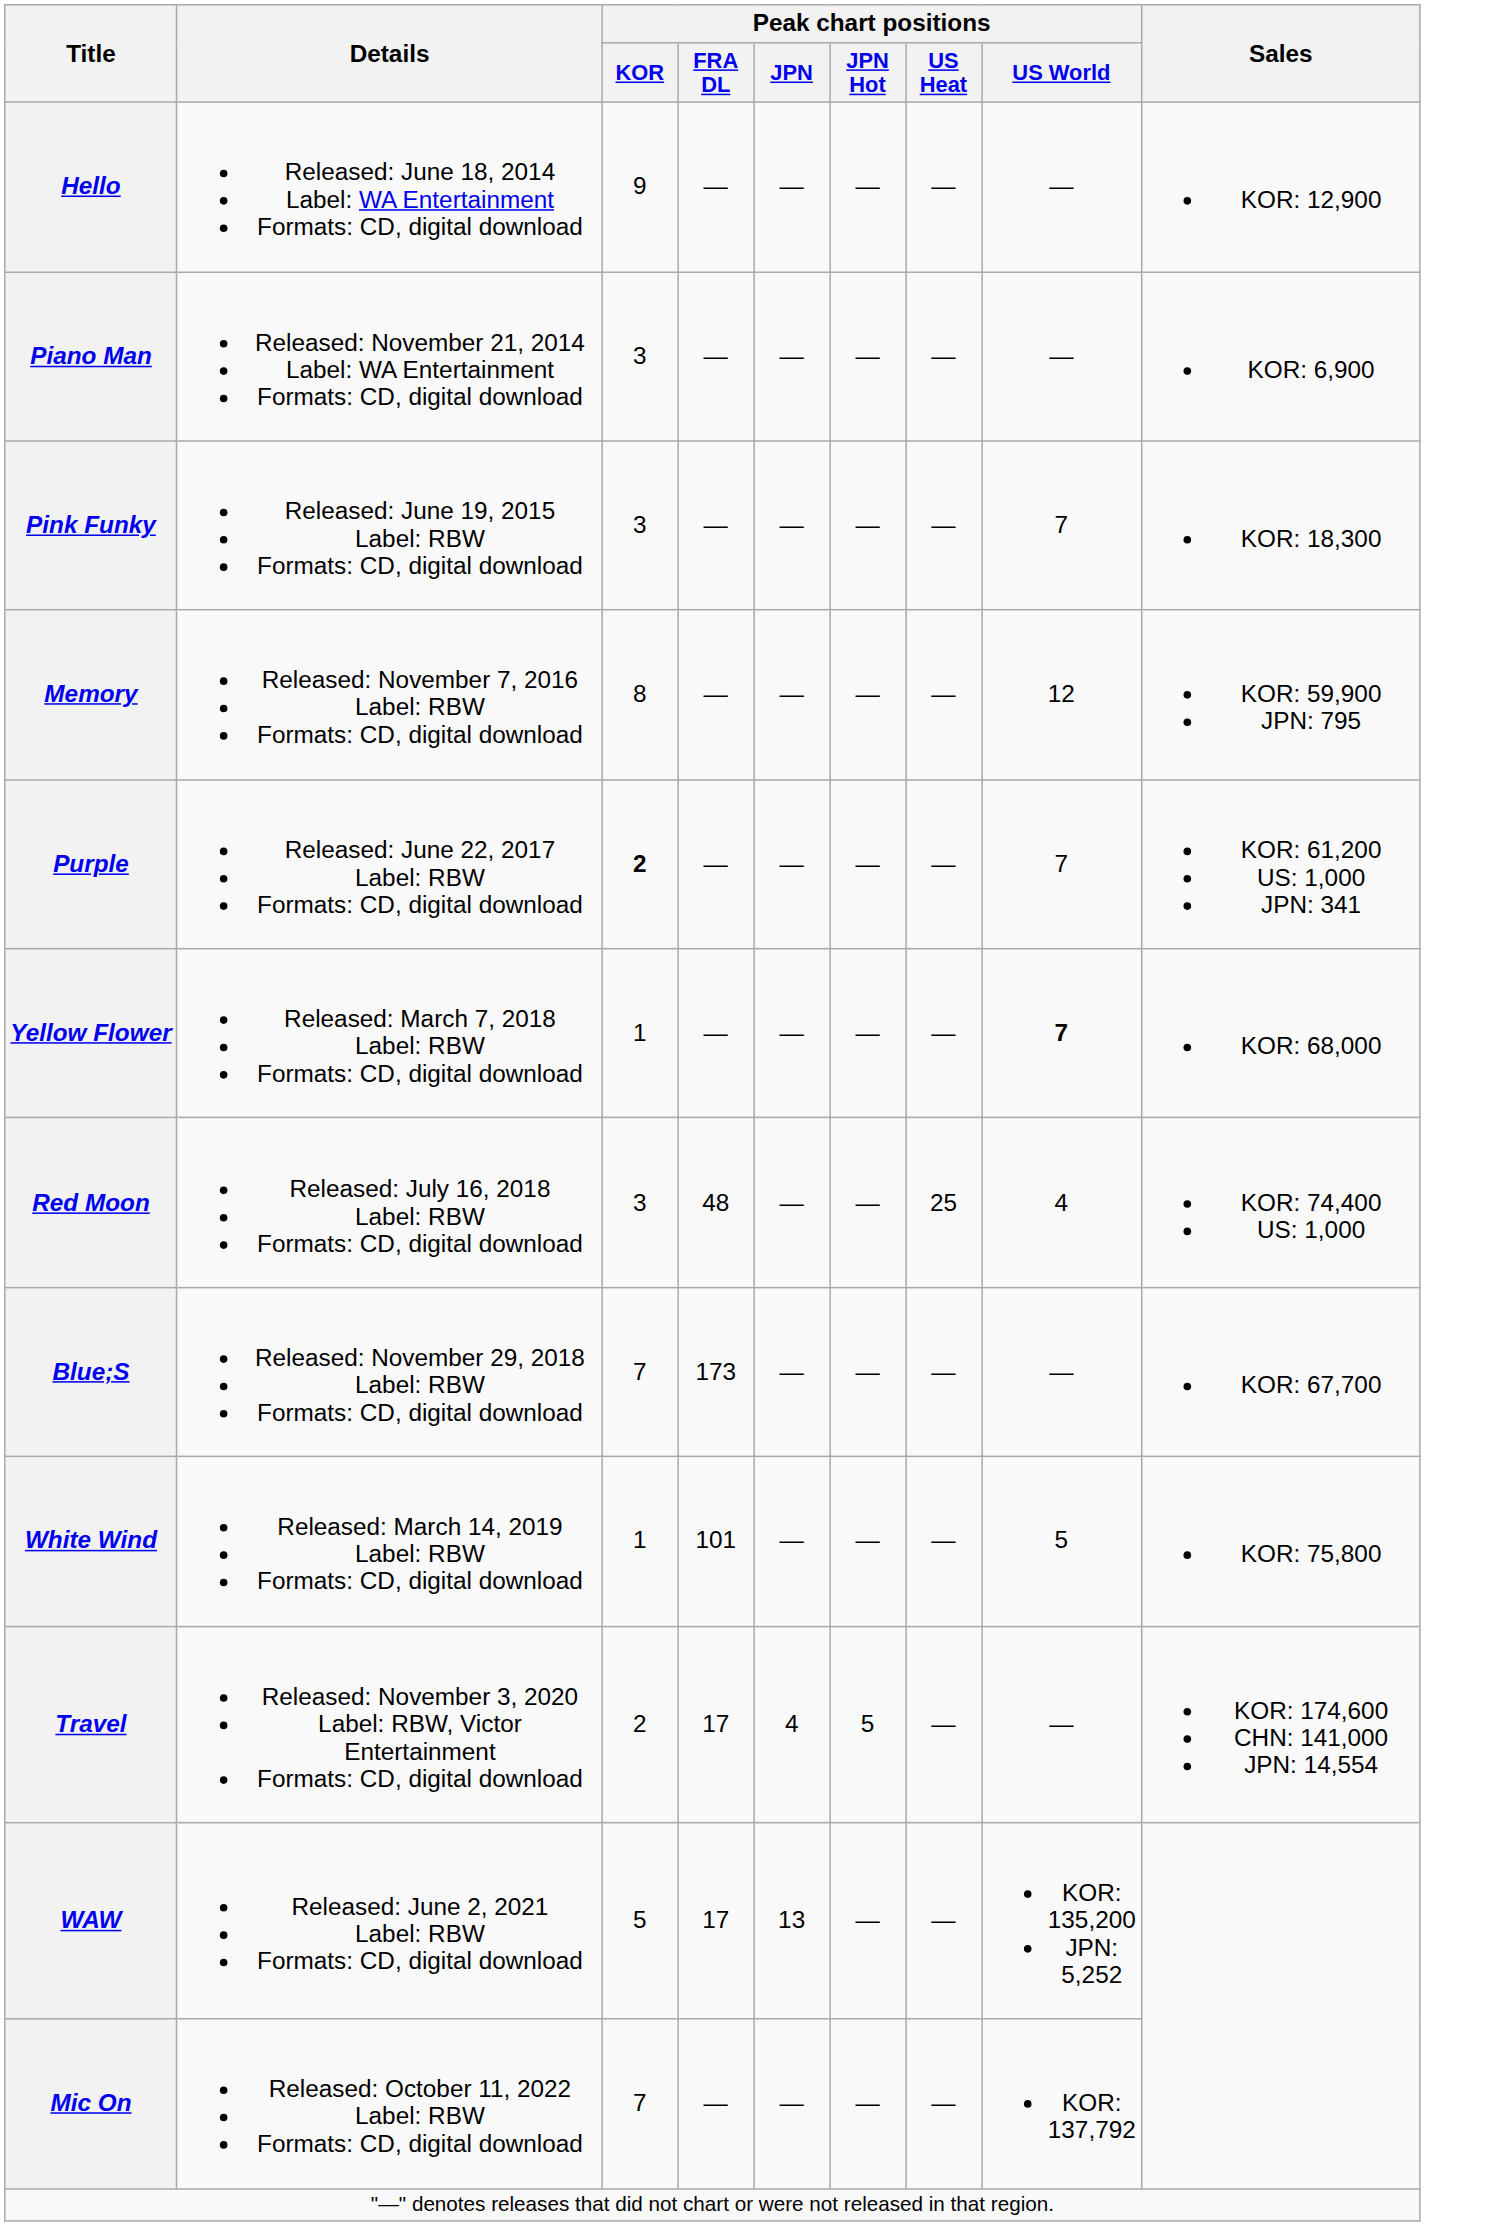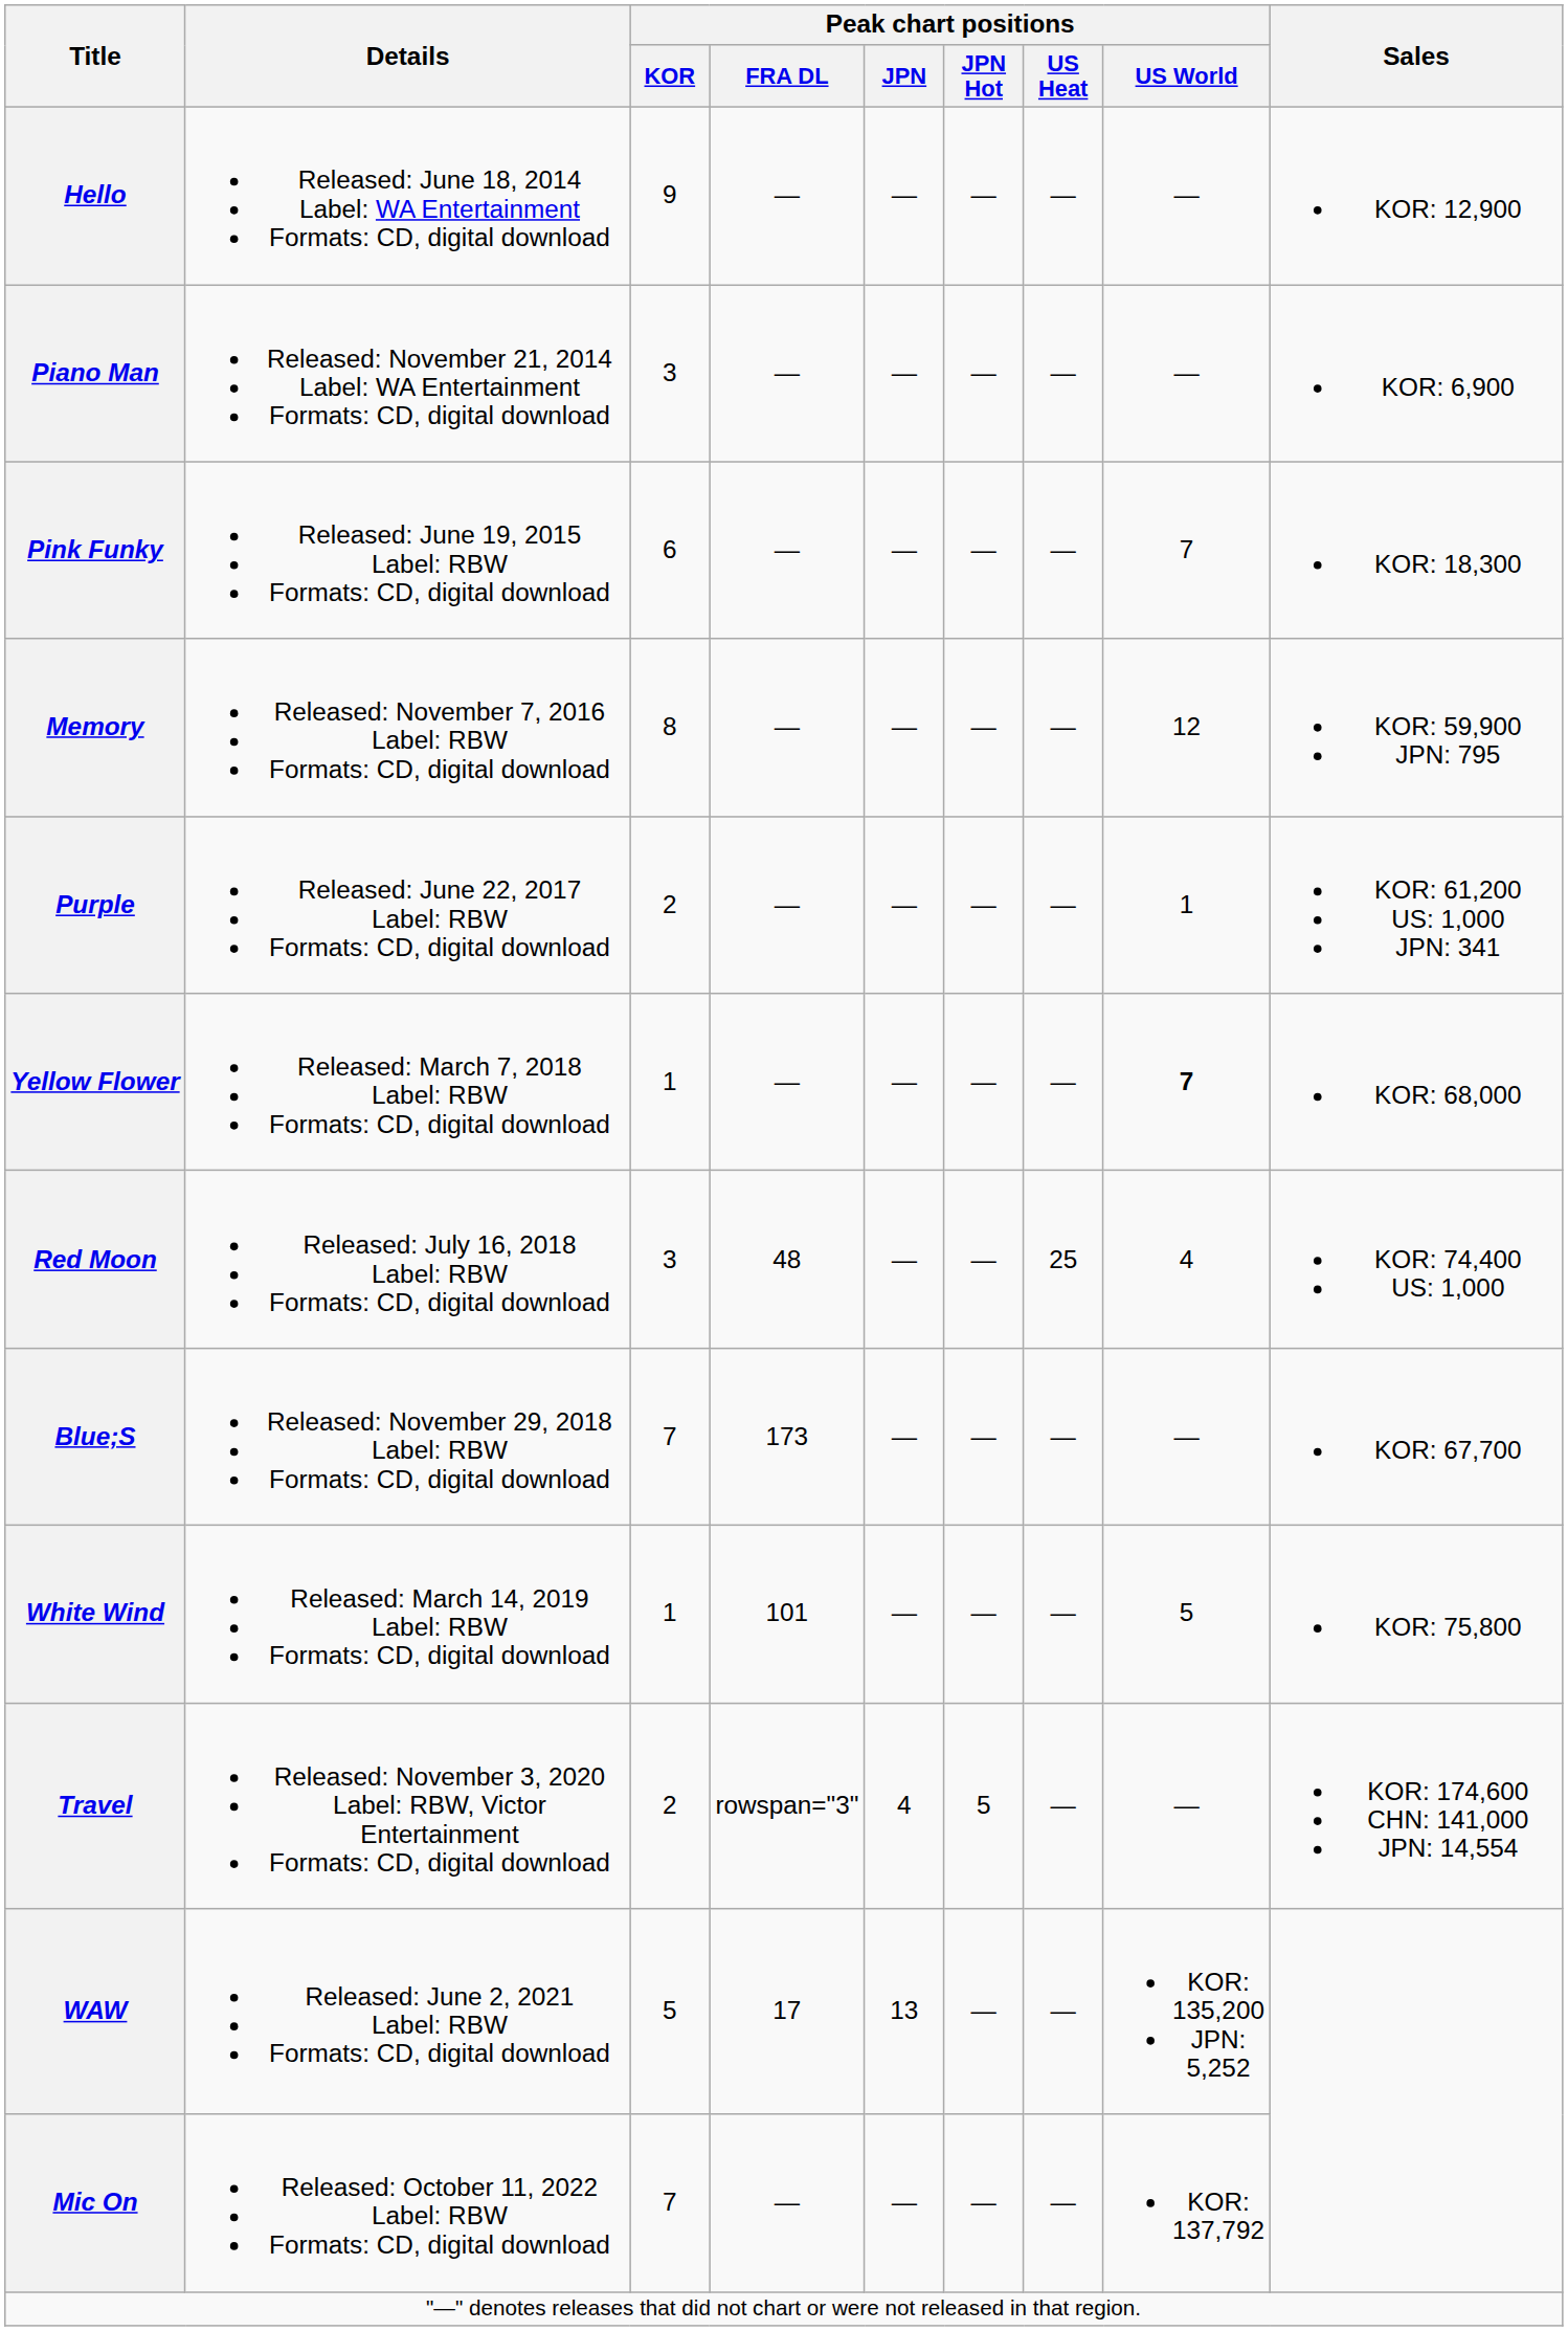 <table class="wikitable plainrowheaders" style="text-align:center;">
 <tr>
 <th scope="col" rowspan="2">Title</th>
 <th scope="col" rowspan="2" style="width:17em;">Details</th>
 <th scope="col" colspan="6">Peak chart positions</th>
 <th scope="col" rowspan="2" style="width:11em;">Sales</th>
 </tr>
 <tr>
 <th scope="col" style="width:3em;font-size:90%;"><a href='#'>KOR</a><br></th>
 <th scope="col" style="width:3em;font-size:90%;"><a href='#'>FRA DL</a><br></th>
 <th scope="col" style="width:3em;font-size:90%;"><a href='#'>JPN</a><br></th>
 <th scope="col" style="width:3em;font-size:90%;"><a href='#'>JPN<br>Hot</a><br></th>
 <th scope="col" style="width:3em;font-size:90%;"><a href='#'>US<br>Heat</a><br></th>
 <th scope="col" style="width:3em;font-size:90%;"><a href='#'>US World</a><br></th>
 </tr>
 <tr>
 <th scope="row"><em><a href='#'>Hello</a></em></th>
 <td><br><ul><li>Released: June 18, 2014</li><li>Label: <a href='#'>WA Entertainment</a></li><li>Formats: CD, digital download</li></ul></td>
 <td>9</td>
 <td>—</td>
 <td>—</td>
 <td>—</td>
 <td>—</td>
 <td>—</td>
 <td><br><ul><li>KOR: 12,900</li></ul></td>
 </tr>
 <tr>
 <th scope="row"><em><a href='#'>Piano Man</a></em></th>
 <td><br><ul><li>Released: November 21, 2014</li><li>Label: WA Entertainment</li><li>Formats: CD, digital download</li></ul></td>
 <td>3</td>
 <td>—</td>
 <td>—</td>
 <td>—</td>
 <td>—</td>
 <td>—</td>
 <td><br><ul><li>KOR: 6,900</li></ul></td>
 </tr>
 <tr>
 <th scope="row"><em><a href='#'>Pink Funky</a></em></th>
 <td><br><ul><li>Released: June 19, 2015</li><li>Label: RBW</li><li>Formats: CD, digital download</li></ul></td>
-<td>3</td>
+<td>6</td>
 <td>—</td>
 <td>—</td>
 <td>—</td>
 <td>—</td>
 <td>7</td>
 <td><br><ul><li>KOR: 18,300</li></ul></td>
 </tr>
 <tr>
 <th scope="row"><em><a href='#'>Memory</a></em></th>
 <td><br><ul><li>Released: November 7, 2016</li><li>Label: RBW</li><li>Formats: CD, digital download</li></ul></td>
 <td>8</td>
 <td>—</td>
 <td>—</td>
 <td>—</td>
 <td>—</td>
 <td>12</td>
 <td><br><ul><li>KOR: 59,900</li><li>JPN: 795</li></ul></td>
 </tr>
 <tr>
 <th scope="row"><em><a href='#'>Purple</a></em></th>
 <td><br><ul><li>Released: June 22, 2017</li><li>Label: RBW</li><li>Formats: CD, digital download</li></ul></td>
-<td><strong>2</strong></td>
+<td>2</td>
 <td>—</td>
 <td>—</td>
 <td>—</td>
 <td>—</td>
-<td>7</td>
+<td>1</td>
 <td><br><ul><li>KOR: 61,200</li><li>US: 1,000</li><li>JPN: 341</li></ul></td>
 </tr>
 <tr>
 <th scope="row"><em><a href='#'>Yellow Flower</a></em></th>
 <td><br><ul><li>Released: March 7, 2018</li><li>Label: RBW</li><li>Formats: CD, digital download</li></ul></td>
 <td>1</td>
 <td>—</td>
 <td>—</td>
 <td>—</td>
 <td>—</td>
 <td><strong>7</strong></td>
 <td><br><ul><li>KOR: 68,000</li></ul></td>
 </tr>
 <tr>
 <th scope="row"><em><a href='#'>Red Moon</a></em></th>
 <td><br><ul><li>Released: July 16, 2018</li><li>Label: RBW</li><li>Formats: CD, digital download</li></ul></td>
 <td>3</td>
 <td>48</td>
 <td>—</td>
 <td>—</td>
 <td>25</td>
 <td>4</td>
 <td><br><ul><li>KOR: 74,400</li><li>US: 1,000</li></ul></td>
 </tr>
 <tr>
 <th scope="row"><em><a href='#'>Blue;S</a></em></th>
 <td><br><ul><li>Released: November 29, 2018</li><li>Label: RBW</li><li>Formats: CD, digital download</li></ul></td>
 <td>7</td>
 <td>173</td>
 <td>—</td>
 <td>—</td>
 <td>—</td>
 <td>—</td>
 <td><br><ul><li>KOR: 67,700</li></ul></td>
 </tr>
 <tr>
 <th scope="row"><em><a href='#'>White Wind</a></em></th>
 <td><br><ul><li>Released: March 14, 2019</li><li>Label: RBW</li><li>Formats: CD, digital download</li></ul></td>
 <td>1</td>
 <td>101</td>
 <td>—</td>
 <td>—</td>
 <td>—</td>
 <td>5</td>
 <td><br><ul><li>KOR: 75,800</li></ul></td>
 </tr>
 <tr>
 <th scope="row"><em><a href='#'>Travel</a></em></th>
 <td><br><ul><li>Released: November 3, 2020</li><li>Label: RBW, Victor Entertainment</li><li>Formats: CD, digital download</li></ul></td>
 <td>2</td>
-<td>17</td>
+<td>rowspan="3" </td>
 <td>4</td>
 <td>5</td>
 <td>—</td>
 <td>—</td>
 <td><br><ul><li>KOR: 174,600</li><li>CHN: 141,000</li><li>JPN: 14,554</li></ul></td>
 </tr>
 <tr>
 <th scope=row><em><a href='#'>WAW</a></em></th>
 <td><br><ul><li>Released: June 2, 2021</li><li>Label: RBW</li><li>Formats: CD, digital download</li></ul></td>
 <td>5</td>
 <td>17</td>
 <td>13</td>
 <td>—</td>
 <td>—</td>
 <td><br><ul><li>KOR: 135,200</li><li>JPN: 5,252</li></ul></td>
 </tr>
 <tr>
 <th scope="row"><em><a href='#'>Mic On</a></em></th>
 <td><br><ul><li>Released: October 11, 2022</li><li>Label: RBW</li><li>Formats: CD, digital download</li></ul></td>
 <td>7</td>
 <td>—</td>
 <td>—</td>
 <td>—</td>
 <td>—</td>
 <td><br><ul><li>KOR: 137,792</li></ul></td>
 </tr>
 <tr>
 <td colspan="9" style="font-size:85%">"—" denotes releases that did not chart or were not released in that region.</td>
 </tr>
 </table>
